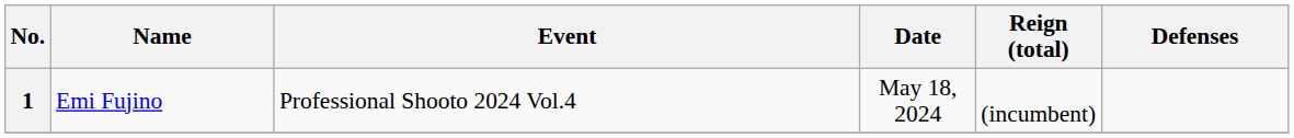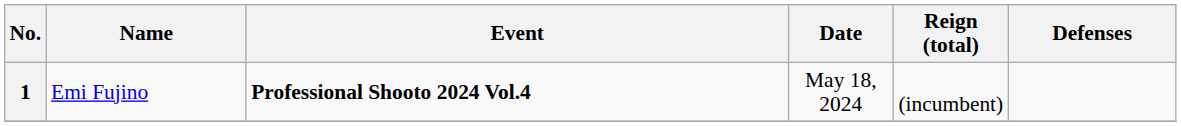 <table class="wikitable" style="width:99%;">
 <tr>
 <th style="width:2%;">No.</th>
 <th>Name</th>
 <th>Event</th>
 <th style="width:9%;">Date</th>
 <th style="width:9%;">Reign<br>(total)</th>
 <th>Defenses</th>
 </tr>
 <tr>
 <th>1</th>
 <td> <a href='#'>Emi Fujino</a><br></td>
-<td>Professional Shooto 2024 Vol.4<br></td>
+<td><strong>Professional Shooto 2024 Vol.4<br></strong></td>
 <td align=center>May 18, 2024</td>
 <td align=center><br>(incumbent)</td>
 <td></td>
 </tr>
 <tr>
 </tr>
 </table>
